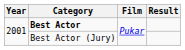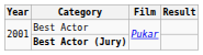 <table class="wikitable sortable">
 <tr>
 <th>Year</th>
 <th>Category</th>
 <th>Film</th>
 <th>Result</th>
 </tr>
 <tr>
 <td rowspan="2">2001</td>
-<td><strong>Best Actor</strong></td>
+<td>Best Actor</td>
 <td rowspan="2"><em><a href='#'>Pukar</a></em></td>
 <td></td>
 </tr>
 <tr>
-<td>Best Actor (Jury)</td>
+<td><strong>Best Actor (Jury)</strong></td>
 <td></td>
 </tr>
 </table>
